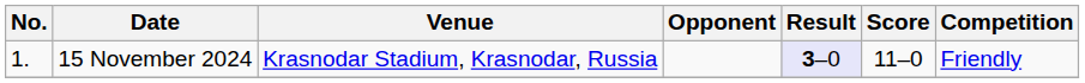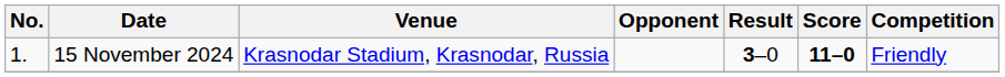 <table class="wikitable">
 <tr>
 <th>No.</th>
 <th>Date</th>
 <th>Venue</th>
 <th>Opponent</th>
 <th>Result</th>
 <th>Score</th>
 <th>Competition</th>
 </tr>
 <tr>
 <td>1.</td>
 <td>15 November 2024</td>
 <td><a href='#'>Krasnodar Stadium</a>, <a href='#'>Krasnodar</a>, <a href='#'>Russia</a></td>
 <td></td>
-<td align=center style="background: lavender;"><strong>3</strong>–0</td>
-<td align=center>11–0</td>
+<td align=center><strong>3</strong>–0</td>
+<td align=center><strong>11–0</strong></td>
 <td><a href='#'>Friendly</a></td>
 </tr>
 <tr>
 </tr>
 </table>
